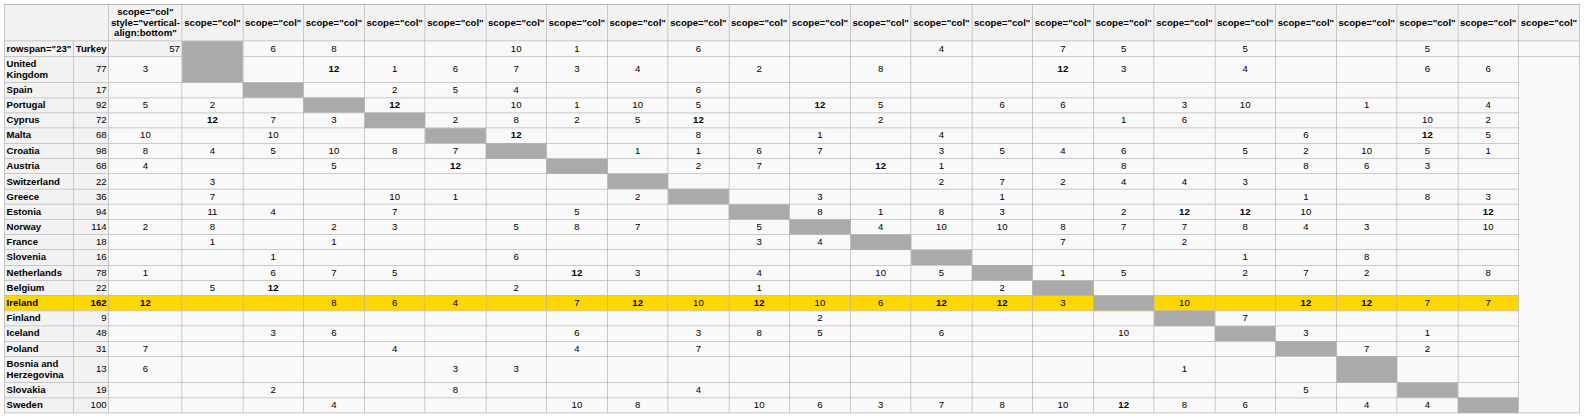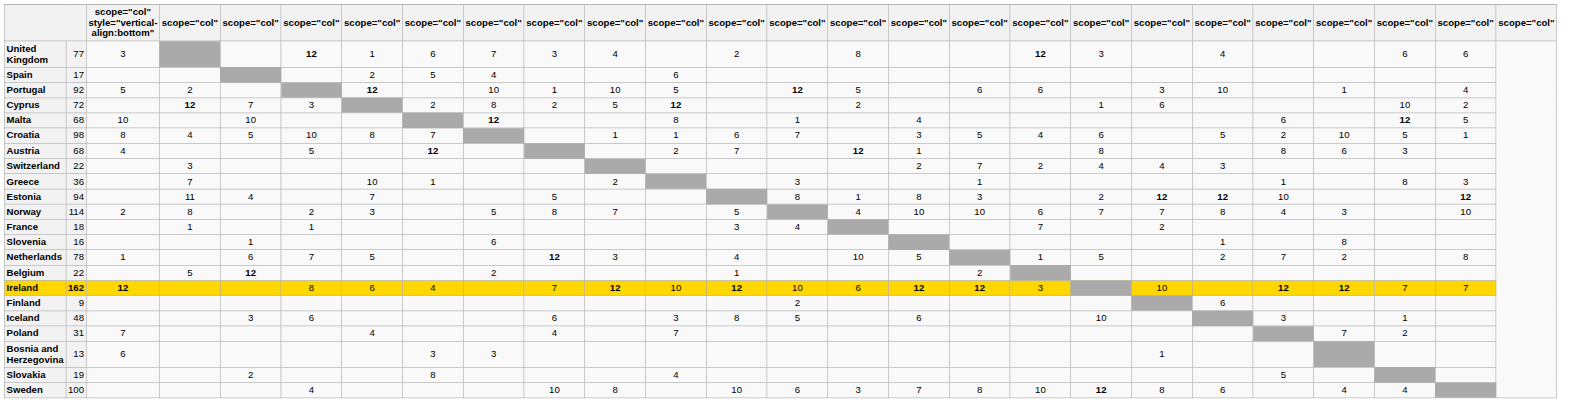 <table class="wikitable plainrowheaders" style="text-align:center;">
 <tr>
 </tr>
 <tr>
 <th colspan="2"></th>
 <th>scope="col" style="vertical-align:bottom" </th>
 <th>scope="col" </th>
 <th>scope="col" </th>
 <th>scope="col" </th>
 <th>scope="col" </th>
 <th>scope="col" </th>
 <th>scope="col" </th>
 <th>scope="col" </th>
 <th>scope="col" </th>
 <th>scope="col" </th>
 <th>scope="col" </th>
 <th>scope="col" </th>
 <th>scope="col" </th>
 <th>scope="col" </th>
 <th>scope="col" </th>
 <th>scope="col" </th>
 <th>scope="col" </th>
 <th>scope="col" </th>
 <th>scope="col" </th>
 <th>scope="col" </th>
 <th>scope="col" </th>
 <th>scope="col" </th>
 <th>scope="col" </th>
 <th>scope="col" </th>
-</tr>
-<tr>
-<th>rowspan="23" </th>
-<th scope="row" style="text-align:left; background:#f2f2f2;">Turkey</th>
-<td style="text-align:right; background:#f2f2f2;">57</td>
-<td style="text-align:left; background:#aaa;"></td>
-<td>6</td>
-<td>8</td>
-<td></td>
-<td></td>
-<td>10</td>
-<td>1</td>
-<td></td>
-<td>6</td>
-<td></td>
-<td></td>
-<td></td>
-<td>4</td>
-<td></td>
-<td>7</td>
-<td>5</td>
-<td></td>
-<td>5</td>
-<td></td>
-<td></td>
-<td>5</td>
-<td></td>
-<td></td>
 </tr>
 <tr>
 <th scope="row" style="text-align:left; background:#f2f2f2;">United Kingdom</th>
 <td style="text-align:right; background:#f2f2f2;">77</td>
 <td>3</td>
 <td style="text-align:left; background:#aaa;"></td>
 <td></td>
 <td><strong>12</strong></td>
 <td>1</td>
 <td>6</td>
 <td>7</td>
 <td>3</td>
 <td>4</td>
 <td></td>
 <td>2</td>
 <td></td>
 <td>8</td>
 <td></td>
 <td></td>
 <td><strong>12</strong></td>
 <td>3</td>
 <td></td>
 <td>4</td>
 <td></td>
 <td></td>
 <td>6</td>
 <td>6</td>
 </tr>
 <tr>
 <th scope="row" style="text-align:left; background:#f2f2f2;">Spain</th>
 <td style="text-align:right; background:#f2f2f2;">17</td>
 <td></td>
 <td></td>
 <td style="text-align:left; background:#aaa;"></td>
 <td></td>
 <td>2</td>
 <td>5</td>
 <td>4</td>
 <td></td>
 <td></td>
 <td>6</td>
 <td></td>
 <td></td>
 <td></td>
 <td></td>
 <td></td>
 <td></td>
 <td></td>
 <td></td>
 <td></td>
 <td></td>
 <td></td>
 <td></td>
 <td></td>
 </tr>
 <tr>
 <th scope="row" style="text-align:left; background:#f2f2f2;">Portugal</th>
 <td style="text-align:right; background:#f2f2f2;">92</td>
 <td>5</td>
 <td>2</td>
 <td></td>
 <td style="text-align:left; background:#aaa;"></td>
 <td><strong>12</strong></td>
 <td></td>
 <td>10</td>
 <td>1</td>
 <td>10</td>
 <td>5</td>
 <td></td>
 <td><strong>12</strong></td>
 <td>5</td>
 <td></td>
 <td>6</td>
 <td>6</td>
 <td></td>
 <td>3</td>
 <td>10</td>
 <td></td>
 <td>1</td>
 <td></td>
 <td>4</td>
 </tr>
 <tr>
 <th scope="row" style="text-align:left; background:#f2f2f2;">Cyprus</th>
 <td style="text-align:right; background:#f2f2f2;">72</td>
 <td></td>
 <td><strong>12</strong></td>
 <td>7</td>
 <td>3</td>
 <td style="text-align:left; background:#aaa;"></td>
 <td>2</td>
 <td>8</td>
 <td>2</td>
 <td>5</td>
 <td><strong>12</strong></td>
 <td></td>
 <td></td>
 <td>2</td>
 <td></td>
 <td></td>
 <td></td>
 <td>1</td>
 <td>6</td>
 <td></td>
 <td></td>
 <td></td>
 <td>10</td>
 <td>2</td>
 </tr>
 <tr>
 <th scope="row" style="text-align:left; background:#f2f2f2;">Malta</th>
 <td style="text-align:right; background:#f2f2f2;">68</td>
 <td>10</td>
 <td></td>
 <td>10</td>
 <td></td>
 <td></td>
 <td style="text-align:left; background:#aaa;"></td>
 <td><strong>12</strong></td>
 <td></td>
 <td></td>
 <td>8</td>
 <td></td>
 <td>1</td>
 <td></td>
 <td>4</td>
 <td></td>
 <td></td>
 <td></td>
 <td></td>
 <td></td>
 <td>6</td>
 <td></td>
 <td><strong>12</strong></td>
 <td>5</td>
 </tr>
 <tr>
 <th scope="row" style="text-align:left; background:#f2f2f2;">Croatia</th>
 <td style="text-align:right; background:#f2f2f2;">98</td>
 <td>8</td>
 <td>4</td>
 <td>5</td>
 <td>10</td>
 <td>8</td>
 <td>7</td>
 <td style="text-align:left; background:#aaa;"></td>
 <td></td>
 <td>1</td>
 <td>1</td>
 <td>6</td>
 <td>7</td>
 <td></td>
 <td>3</td>
 <td>5</td>
 <td>4</td>
 <td>6</td>
 <td></td>
 <td>5</td>
 <td>2</td>
 <td>10</td>
 <td>5</td>
 <td>1</td>
 </tr>
 <tr>
 <th scope="row" style="text-align:left; background:#f2f2f2;">Austria</th>
 <td style="text-align:right; background:#f2f2f2;">68</td>
 <td>4</td>
 <td></td>
 <td></td>
 <td>5</td>
 <td></td>
 <td><strong>12</strong></td>
 <td></td>
 <td style="text-align:left; background:#aaa;"></td>
 <td></td>
 <td>2</td>
 <td>7</td>
 <td></td>
 <td><strong>12</strong></td>
 <td>1</td>
 <td></td>
 <td></td>
 <td>8</td>
 <td></td>
 <td></td>
 <td>8</td>
 <td>6</td>
 <td>3</td>
 <td></td>
 </tr>
 <tr>
 <th scope="row" style="text-align:left; background:#f2f2f2;">Switzerland</th>
 <td style="text-align:right; background:#f2f2f2;">22</td>
 <td></td>
 <td>3</td>
 <td></td>
 <td></td>
 <td></td>
 <td></td>
 <td></td>
 <td></td>
 <td style="text-align:left; background:#aaa;"></td>
 <td></td>
 <td></td>
 <td></td>
 <td></td>
 <td>2</td>
 <td>7</td>
 <td>2</td>
 <td>4</td>
 <td>4</td>
 <td>3</td>
 <td></td>
 <td></td>
 <td></td>
 <td></td>
 </tr>
 <tr>
 <th scope="row" style="text-align:left; background:#f2f2f2;">Greece</th>
 <td style="text-align:right; background:#f2f2f2;">36</td>
 <td></td>
 <td>7</td>
 <td></td>
 <td></td>
 <td>10</td>
 <td>1</td>
 <td></td>
 <td></td>
 <td>2</td>
 <td style="text-align:left; background:#aaa;"></td>
 <td></td>
 <td>3</td>
 <td></td>
 <td></td>
 <td>1</td>
 <td></td>
 <td></td>
 <td></td>
 <td></td>
 <td>1</td>
 <td></td>
 <td>8</td>
 <td>3</td>
 </tr>
 <tr>
 <th scope="row" style="text-align:left; background:#f2f2f2;">Estonia</th>
 <td style="text-align:right; background:#f2f2f2;">94</td>
 <td></td>
 <td>11</td>
 <td>4</td>
 <td></td>
 <td>7</td>
 <td></td>
 <td></td>
 <td>5</td>
 <td></td>
 <td></td>
 <td style="text-align:left; background:#aaa;"></td>
 <td>8</td>
 <td>1</td>
 <td>8</td>
 <td>3</td>
 <td></td>
 <td>2</td>
 <td><strong>12</strong></td>
 <td><strong>12</strong></td>
 <td>10</td>
 <td></td>
 <td></td>
 <td><strong>12</strong></td>
 </tr>
 <tr>
 <th scope="row" style="text-align:left; background:#f2f2f2;">Norway</th>
 <td style="text-align:right; background:#f2f2f2;">114</td>
 <td>2</td>
 <td>8</td>
 <td></td>
 <td>2</td>
 <td>3</td>
 <td></td>
 <td>5</td>
 <td>8</td>
 <td>7</td>
 <td></td>
 <td>5</td>
 <td style="text-align:left; background:#aaa;"></td>
 <td>4</td>
 <td>10</td>
 <td>10</td>
-<td>8</td>
+<td>6</td>
 <td>7</td>
 <td>7</td>
 <td>8</td>
 <td>4</td>
 <td>3</td>
 <td></td>
 <td>10</td>
 </tr>
 <tr>
 <th scope="row" style="text-align:left; background:#f2f2f2;">France</th>
 <td style="text-align:right; background:#f2f2f2;">18</td>
 <td></td>
 <td>1</td>
 <td></td>
 <td>1</td>
 <td></td>
 <td></td>
 <td></td>
 <td></td>
 <td></td>
 <td></td>
 <td>3</td>
 <td>4</td>
 <td style="text-align:left; background:#aaa;"></td>
 <td></td>
 <td></td>
 <td>7</td>
 <td></td>
 <td>2</td>
 <td></td>
 <td></td>
 <td></td>
 <td></td>
 <td></td>
 </tr>
 <tr>
 <th scope="row" style="text-align:left; background:#f2f2f2;">Slovenia</th>
 <td style="text-align:right; background:#f2f2f2;">16</td>
 <td></td>
 <td></td>
 <td>1</td>
 <td></td>
 <td></td>
 <td></td>
 <td>6</td>
 <td></td>
 <td></td>
 <td></td>
 <td></td>
 <td></td>
 <td></td>
 <td style="text-align:left; background:#aaa;"></td>
 <td></td>
 <td></td>
 <td></td>
 <td></td>
 <td>1</td>
 <td></td>
 <td>8</td>
 <td></td>
 <td></td>
 </tr>
 <tr>
 <th scope="row" style="text-align:left; background:#f2f2f2;">Netherlands</th>
 <td style="text-align:right; background:#f2f2f2;">78</td>
 <td>1</td>
 <td></td>
 <td>6</td>
 <td>7</td>
 <td>5</td>
 <td></td>
 <td></td>
 <td><strong>12</strong></td>
 <td>3</td>
 <td></td>
 <td>4</td>
 <td></td>
 <td>10</td>
 <td>5</td>
 <td style="text-align:left; background:#aaa;"></td>
 <td>1</td>
 <td>5</td>
 <td></td>
 <td>2</td>
 <td>7</td>
 <td>2</td>
 <td></td>
 <td>8</td>
 </tr>
 <tr>
 <th scope="row" style="text-align:left; background:#f2f2f2;">Belgium</th>
 <td style="text-align:right; background:#f2f2f2;">22</td>
 <td></td>
 <td>5</td>
 <td><strong>12</strong></td>
 <td></td>
 <td></td>
 <td></td>
 <td>2</td>
 <td></td>
 <td></td>
 <td></td>
 <td>1</td>
 <td></td>
 <td></td>
 <td></td>
 <td>2</td>
 <td style="text-align:left; background:#aaa;"></td>
 <td></td>
 <td></td>
 <td></td>
 <td></td>
 <td></td>
 <td></td>
 <td></td>
 </tr>
 <tr style="background:gold;">
 <th scope="row" style="text-align:left; font-weight:bold; background:gold;">Ireland</th>
 <td style="text-align:right; font-weight:bold;">162</td>
 <td><strong>12</strong></td>
 <td></td>
 <td></td>
 <td>8</td>
 <td>6</td>
 <td>4</td>
 <td></td>
 <td>7</td>
 <td><strong>12</strong></td>
 <td>10</td>
 <td><strong>12</strong></td>
 <td>10</td>
 <td>6</td>
 <td><strong>12</strong></td>
 <td><strong>12</strong></td>
 <td>3</td>
 <td style="text-align:left; background:#aaa;"></td>
 <td>10</td>
 <td></td>
 <td><strong>12</strong></td>
 <td><strong>12</strong></td>
 <td>7</td>
 <td>7</td>
 </tr>
 <tr>
 <th scope="row" style="text-align:left; background:#f2f2f2;">Finland</th>
 <td style="text-align:right; background:#f2f2f2;">9</td>
 <td></td>
 <td></td>
 <td></td>
 <td></td>
 <td></td>
 <td></td>
 <td></td>
 <td></td>
 <td></td>
 <td></td>
 <td></td>
 <td>2</td>
 <td></td>
 <td></td>
 <td></td>
 <td></td>
 <td></td>
 <td style="text-align:left; background:#aaa;"></td>
-<td>7</td>
+<td>6</td>
 <td></td>
 <td></td>
 <td></td>
 <td></td>
 </tr>
 <tr>
 <th scope="row" style="text-align:left; background:#f2f2f2;">Iceland</th>
 <td style="text-align:right; background:#f2f2f2;">48</td>
 <td></td>
 <td></td>
 <td>3</td>
 <td>6</td>
 <td></td>
 <td></td>
 <td></td>
 <td>6</td>
 <td></td>
 <td>3</td>
 <td>8</td>
 <td>5</td>
 <td></td>
 <td>6</td>
 <td></td>
 <td></td>
 <td>10</td>
 <td></td>
 <td style="text-align:left; background:#aaa;"></td>
 <td>3</td>
 <td></td>
 <td>1</td>
 <td></td>
 </tr>
 <tr>
 <th scope="row" style="text-align:left; background:#f2f2f2;">Poland</th>
 <td style="text-align:right; background:#f2f2f2;">31</td>
 <td>7</td>
 <td></td>
 <td></td>
 <td></td>
 <td>4</td>
 <td></td>
 <td></td>
 <td>4</td>
 <td></td>
 <td>7</td>
 <td></td>
 <td></td>
 <td></td>
 <td></td>
 <td></td>
 <td></td>
 <td></td>
 <td></td>
 <td></td>
 <td style="text-align:left; background:#aaa;"></td>
 <td>7</td>
 <td>2</td>
 <td></td>
 </tr>
 <tr>
 <th scope="row" style="text-align:left; background:#f2f2f2;">Bosnia and Herzegovina</th>
 <td style="text-align:right; background:#f2f2f2;">13</td>
 <td>6</td>
 <td></td>
 <td></td>
 <td></td>
 <td></td>
 <td>3</td>
 <td>3</td>
 <td></td>
 <td></td>
 <td></td>
 <td></td>
 <td></td>
 <td></td>
 <td></td>
 <td></td>
 <td></td>
 <td></td>
 <td>1</td>
 <td></td>
 <td></td>
 <td style="text-align:left; background:#aaa;"></td>
 <td></td>
 <td></td>
 </tr>
 <tr>
 <th scope="row" style="text-align:left; background:#f2f2f2;">Slovakia</th>
 <td style="text-align:right; background:#f2f2f2;">19</td>
 <td></td>
 <td></td>
 <td>2</td>
 <td></td>
 <td></td>
 <td>8</td>
 <td></td>
 <td></td>
 <td></td>
 <td>4</td>
 <td></td>
 <td></td>
 <td></td>
 <td></td>
 <td></td>
 <td></td>
 <td></td>
 <td></td>
 <td></td>
 <td>5</td>
 <td></td>
 <td style="text-align:left; background:#aaa;"></td>
 <td></td>
 </tr>
 <tr>
 <th scope="row" style="text-align:left; background:#f2f2f2;">Sweden</th>
 <td style="text-align:right; background:#f2f2f2;">100</td>
 <td></td>
 <td></td>
 <td></td>
 <td>4</td>
 <td></td>
 <td></td>
 <td></td>
 <td>10</td>
 <td>8</td>
 <td></td>
 <td>10</td>
 <td>6</td>
 <td>3</td>
 <td>7</td>
 <td>8</td>
 <td>10</td>
 <td><strong>12</strong></td>
 <td>8</td>
 <td>6</td>
 <td></td>
 <td>4</td>
 <td>4</td>
 <td style="text-align:left; background:#aaa;"></td>
 </tr>
 </table>
